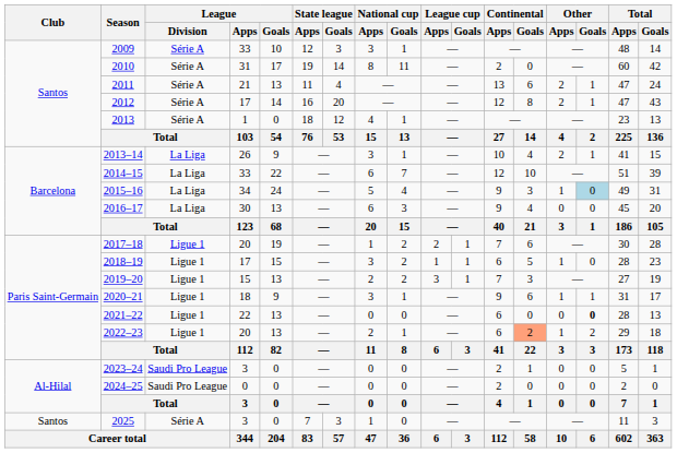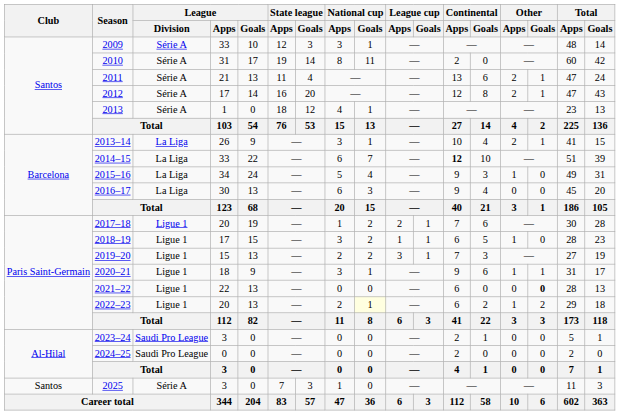 <table class="wikitable" style="text-align:center">
 <tr>
 <th rowspan="2">Club</th>
 <th rowspan="2">Season</th>
 <th colspan="3">League</th>
 <th colspan="2">State league</th>
 <th colspan="2">National cup</th>
 <th colspan="2">League cup</th>
 <th colspan="2">Continental</th>
 <th colspan="2">Other</th>
 <th colspan="2">Total</th>
 </tr>
 <tr>
 <th>Division</th>
 <th>Apps</th>
 <th>Goals</th>
 <th>Apps</th>
 <th>Goals</th>
 <th>Apps</th>
 <th>Goals</th>
 <th>Apps</th>
 <th>Goals</th>
 <th>Apps</th>
 <th>Goals</th>
 <th>Apps</th>
 <th>Goals</th>
 <th>Apps</th>
 <th>Goals</th>
 </tr>
 <tr>
 <td rowspan="6"><a href='#'>Santos</a></td>
 <td><a href='#'>2009</a></td>
 <td><a href='#'>Série A</a></td>
 <td>33</td>
 <td>10</td>
 <td>12</td>
 <td>3</td>
 <td>3</td>
 <td>1</td>
 <td colspan="2">—</td>
 <td colspan="2">—</td>
 <td colspan="2">—</td>
 <td>48</td>
 <td>14</td>
 </tr>
 <tr>
 <td><a href='#'>2010</a></td>
 <td>Série A</td>
 <td>31</td>
 <td>17</td>
 <td>19</td>
 <td>14</td>
 <td>8</td>
 <td>11</td>
 <td colspan="2">—</td>
 <td>2</td>
 <td>0</td>
 <td colspan="2">—</td>
 <td>60</td>
 <td>42</td>
 </tr>
 <tr>
 <td><a href='#'>2011</a></td>
 <td>Série A</td>
 <td>21</td>
 <td>13</td>
 <td>11</td>
 <td>4</td>
 <td colspan="2">—</td>
 <td colspan="2">—</td>
 <td>13</td>
 <td>6</td>
 <td>2</td>
 <td>1</td>
 <td>47</td>
 <td>24</td>
 </tr>
 <tr>
 <td><a href='#'>2012</a></td>
 <td>Série A</td>
 <td>17</td>
 <td>14</td>
 <td>16</td>
 <td>20</td>
 <td colspan="2">—</td>
 <td colspan="2">—</td>
 <td>12</td>
 <td>8</td>
 <td>2</td>
 <td>1</td>
 <td>47</td>
 <td>43</td>
 </tr>
 <tr>
 <td><a href='#'>2013</a></td>
 <td>Série A</td>
 <td>1</td>
 <td>0</td>
 <td>18</td>
 <td>12</td>
 <td>4</td>
 <td>1</td>
 <td colspan="2">—</td>
 <td colspan="2">—</td>
 <td colspan="2">—</td>
 <td>23</td>
 <td>13</td>
 </tr>
 <tr>
 <th colspan="2">Total</th>
 <th>103</th>
 <th>54</th>
 <th>76</th>
 <th>53</th>
 <th>15</th>
 <th>13</th>
 <th colspan="2">—</th>
 <th>27</th>
 <th>14</th>
 <th>4</th>
 <th>2</th>
 <th>225</th>
 <th>136</th>
 </tr>
 <tr>
 <td rowspan="5"><a href='#'>Barcelona</a></td>
 <td><a href='#'>2013–14</a></td>
 <td><a href='#'>La Liga</a></td>
 <td>26</td>
 <td>9</td>
 <td colspan="2">—</td>
 <td>3</td>
 <td>1</td>
 <td colspan="2">—</td>
 <td>10</td>
 <td>4</td>
 <td>2</td>
 <td>1</td>
 <td>41</td>
 <td>15</td>
 </tr>
 <tr>
 <td><a href='#'>2014–15</a></td>
 <td>La Liga</td>
 <td>33</td>
 <td>22</td>
 <td colspan="2">—</td>
 <td>6</td>
 <td>7</td>
 <td colspan="2">—</td>
-<td>12</td>
+<td><strong>12</strong></td>
 <td>10</td>
 <td colspan="2">—</td>
 <td>51</td>
 <td>39</td>
 </tr>
 <tr>
 <td><a href='#'>2015–16</a></td>
 <td>La Liga</td>
 <td>34</td>
 <td>24</td>
 <td colspan="2">—</td>
 <td>5</td>
 <td>4</td>
 <td colspan="2">—</td>
 <td>9</td>
 <td>3</td>
 <td>1</td>
-<td style="background: lightblue;">0</td>
+<td>0</td>
 <td>49</td>
 <td>31</td>
 </tr>
 <tr>
 <td><a href='#'>2016–17</a></td>
 <td>La Liga</td>
 <td>30</td>
 <td>13</td>
 <td colspan="2">—</td>
 <td>6</td>
 <td>3</td>
 <td colspan="2">—</td>
 <td>9</td>
 <td>4</td>
 <td>0</td>
 <td>0</td>
 <td>45</td>
 <td>20</td>
 </tr>
 <tr>
 <th colspan="2">Total</th>
 <th>123</th>
 <th>68</th>
 <th colspan="2">—</th>
 <th>20</th>
 <th>15</th>
 <th colspan="2">—</th>
 <th>40</th>
 <th>21</th>
 <th>3</th>
 <th>1</th>
 <th>186</th>
 <th>105</th>
 </tr>
 <tr>
 <td rowspan="7"><a href='#'>Paris Saint-Germain</a></td>
 <td><a href='#'>2017–18</a></td>
 <td><a href='#'>Ligue 1</a></td>
 <td>20</td>
 <td>19</td>
 <td colspan="2">—</td>
 <td>1</td>
 <td>2</td>
 <td>2</td>
 <td>1</td>
 <td>7</td>
 <td>6</td>
 <td colspan="2">—</td>
 <td>30</td>
 <td>28</td>
 </tr>
 <tr>
 <td><a href='#'>2018–19</a></td>
 <td>Ligue 1</td>
 <td>17</td>
 <td>15</td>
 <td colspan="2">—</td>
 <td>3</td>
 <td>2</td>
 <td>1</td>
 <td>1</td>
 <td>6</td>
 <td>5</td>
 <td>1</td>
 <td>0</td>
 <td>28</td>
 <td>23</td>
 </tr>
 <tr>
 <td><a href='#'>2019–20</a></td>
 <td>Ligue 1</td>
 <td>15</td>
 <td>13</td>
 <td colspan="2">—</td>
 <td>2</td>
 <td>2</td>
 <td>3</td>
 <td>1</td>
 <td>7</td>
 <td>3</td>
 <td colspan="2">—</td>
 <td>27</td>
 <td>19</td>
 </tr>
 <tr>
 <td><a href='#'>2020–21</a></td>
 <td>Ligue 1</td>
 <td>18</td>
 <td>9</td>
 <td colspan="2">—</td>
 <td>3</td>
 <td>1</td>
 <td colspan="2">—</td>
 <td>9</td>
 <td>6</td>
 <td>1</td>
 <td>1</td>
 <td>31</td>
 <td>17</td>
 </tr>
 <tr>
 <td><a href='#'>2021–22</a></td>
 <td>Ligue 1</td>
 <td>22</td>
 <td>13</td>
 <td colspan="2">—</td>
 <td>0</td>
 <td>0</td>
 <td colspan="2">—</td>
 <td>6</td>
 <td>0</td>
 <td>0</td>
 <td><strong>0</strong></td>
 <td>28</td>
 <td>13</td>
 </tr>
 <tr>
 <td><a href='#'>2022–23</a></td>
 <td>Ligue 1</td>
 <td>20</td>
 <td>13</td>
 <td colspan="2">—</td>
 <td>2</td>
-<td>1</td>
+<td style="background: lightyellow;">1</td>
 <td colspan="2">—</td>
 <td>6</td>
-<td style="background: lightsalmon;">2</td>
+<td>2</td>
 <td>1</td>
 <td>2</td>
 <td>29</td>
 <td>18</td>
 </tr>
 <tr>
 <th colspan="2">Total</th>
 <th>112</th>
 <th>82</th>
 <th colspan="2">—</th>
 <th>11</th>
 <th>8</th>
 <th>6</th>
 <th>3</th>
 <th>41</th>
 <th>22</th>
 <th>3</th>
 <th>3</th>
 <th>173</th>
 <th>118</th>
 </tr>
 <tr>
 <td rowspan="3"><a href='#'>Al-Hilal</a></td>
 <td><a href='#'>2023–24</a></td>
 <td><a href='#'>Saudi Pro League</a></td>
 <td>3</td>
 <td>0</td>
 <td colspan="2">—</td>
 <td>0</td>
 <td>0</td>
 <td colspan="2">—</td>
 <td>2</td>
 <td>1</td>
 <td>0</td>
 <td>0</td>
 <td>5</td>
 <td>1</td>
 </tr>
 <tr>
 <td><a href='#'>2024–25</a></td>
 <td>Saudi Pro League</td>
 <td>0</td>
 <td>0</td>
 <td colspan="2">—</td>
 <td>0</td>
 <td>0</td>
 <td colspan="2">—</td>
 <td>2</td>
 <td>0</td>
 <td>0</td>
 <td>0</td>
 <td>2</td>
 <td>0</td>
 </tr>
 <tr>
 <th colspan="2">Total</th>
 <th>3</th>
 <th>0</th>
 <th colspan="2">—</th>
 <th>0</th>
 <th>0</th>
 <th colspan="2">—</th>
 <th>4</th>
 <th>1</th>
 <th>0</th>
 <th>0</th>
 <th>7</th>
 <th>1</th>
 </tr>
 <tr>
 <td>Santos</td>
 <td><a href='#'>2025</a></td>
 <td>Série A</td>
 <td>3</td>
 <td>0</td>
 <td>7</td>
 <td>3</td>
 <td>1</td>
 <td>0</td>
 <td colspan="2">—</td>
 <td colspan="2">—</td>
 <td colspan="2">—</td>
 <td>11</td>
 <td>3</td>
 </tr>
 <tr>
 <th colspan="3">Career total</th>
 <th>344</th>
 <th>204</th>
 <th>83</th>
 <th>57</th>
 <th>47</th>
 <th>36</th>
 <th>6</th>
 <th>3</th>
 <th>112</th>
 <th>58</th>
 <th>10</th>
 <th>6</th>
 <th>602</th>
 <th>363</th>
 </tr>
 </table>
